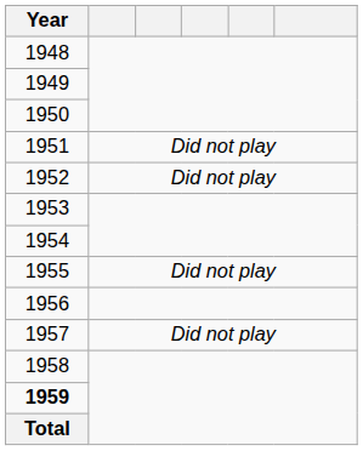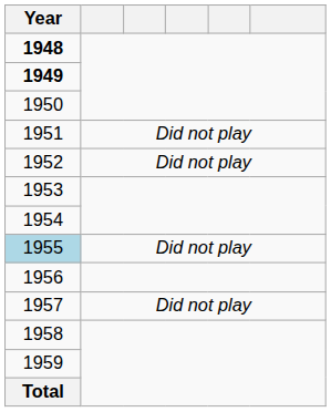 <table class="wikitable" style="text-align: center">
 <tr>
 <th width="60">Year</th>
 <th width="30"></th>
 <th width="30"></th>
 <th width="30"></th>
 <th width="30"></th>
 <th width="60"></th>
 </tr>
 <tr>
-<td>1948<br></td>
+<td><strong>1948<br></strong></td>
 </tr>
 <tr>
-<td>1949<br></td>
+<td><strong>1949<br></strong></td>
 </tr>
 <tr>
 <td>1950<br></td>
 </tr>
 <tr>
 <td>1951</td>
 <td colspan="5"><em>Did not play</em></td>
 </tr>
 <tr>
 <td>1952</td>
 <td colspan="5"><em>Did not play</em></td>
 </tr>
 <tr>
 <td>1953<br></td>
 </tr>
 <tr>
 <td>1954<br></td>
 </tr>
 <tr>
-<td>1955</td>
+<td style="background: lightblue;">1955</td>
 <td colspan="5"><em>Did not play</em></td>
 </tr>
 <tr>
 <td>1956<br></td>
 </tr>
 <tr>
 <td>1957</td>
 <td colspan="5"><em>Did not play</em></td>
 </tr>
 <tr>
 <td>1958<br></td>
 </tr>
 <tr>
-<td><strong>1959<br></strong></td>
+<td>1959<br></td>
 </tr>
 <tr>
 <th>Total<br></th>
 </tr>
 </table>
